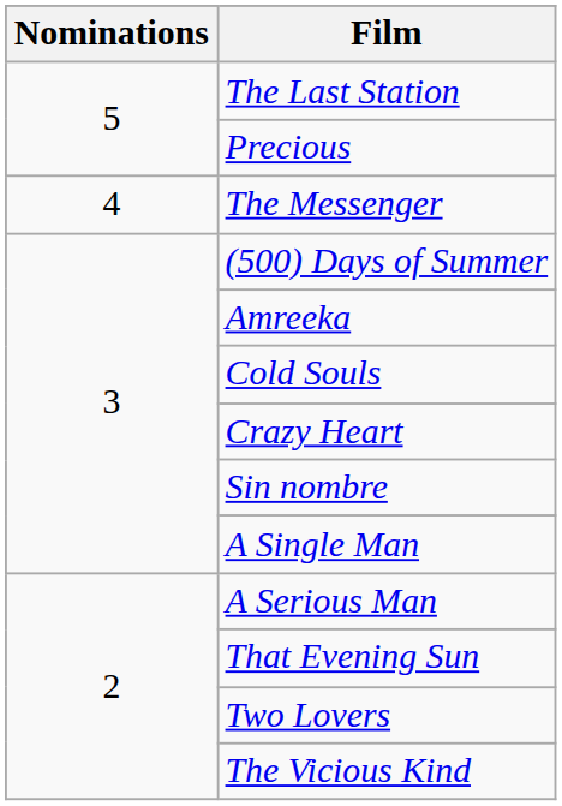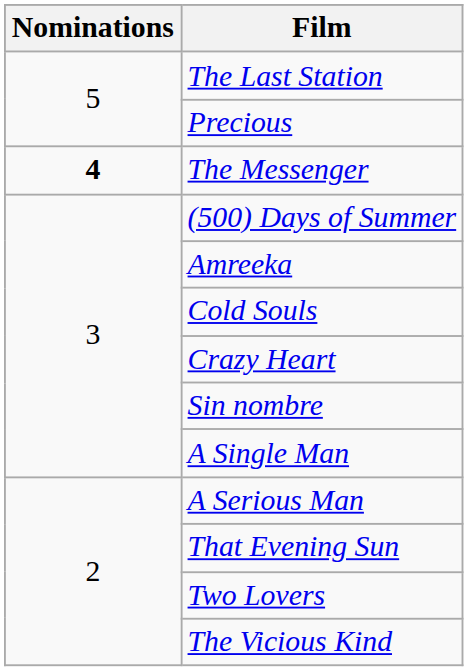 <table class="wikitable">
 <tr>
 <th>Nominations</th>
 <th>Film</th>
 </tr>
 <tr>
 <td rowspan="2" style="text-align:center;">5</td>
 <td><em><a href='#'>The Last Station</a></em></td>
 </tr>
 <tr>
 <td><em><a href='#'>Precious</a></em></td>
 </tr>
 <tr>
-<td style="text-align:center;">4</td>
+<td style="text-align:center;"><strong>4</strong></td>
 <td><em><a href='#'>The Messenger</a></em></td>
 </tr>
 <tr>
 <td rowspan="6" style="text-align:center;">3</td>
 <td><em><a href='#'>(500) Days of Summer</a></em></td>
 </tr>
 <tr>
 <td><em><a href='#'>Amreeka</a></em></td>
 </tr>
 <tr>
 <td><em><a href='#'>Cold Souls</a></em></td>
 </tr>
 <tr>
 <td><em><a href='#'>Crazy Heart</a></em></td>
 </tr>
 <tr>
 <td><em><a href='#'>Sin nombre</a></em></td>
 </tr>
 <tr>
 <td><em><a href='#'>A Single Man</a></em></td>
 </tr>
 <tr>
 <td rowspan="4" style="text-align:center;">2</td>
 <td><em><a href='#'>A Serious Man</a></em></td>
 </tr>
 <tr>
 <td><em><a href='#'>That Evening Sun</a></em></td>
 </tr>
 <tr>
 <td><em><a href='#'>Two Lovers</a></em></td>
 </tr>
 <tr>
 <td><em><a href='#'>The Vicious Kind</a></em></td>
 </tr>
 </table>
